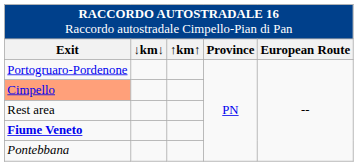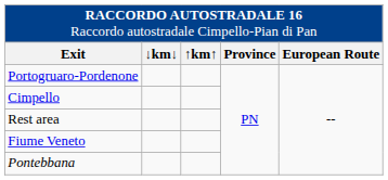 <table class="wikitable" border="1">
 <tr align="center" bgcolor="#00408B" style="color: white;font-size:100%;">
 <td colspan="6"><strong> RACCORDO AUTOSTRADALE 16</strong><br>Raccordo autostradale Cimpello-Pian di Pan</td>
 </tr>
 <tr>
 <th style="text-align:center;"><strong>Exit</strong></th>
 <th style="text-align:center;"><strong>↓km↓</strong></th>
 <th style="text-align:center;"><strong>↑km↑</strong></th>
 <th align="center"><strong>Province</strong></th>
 <th align="center"><strong>European Route</strong></th>
 </tr>
 <tr>
 <td>   <a href='#'>Portogruaro-Pordenone</a></td>
 <td></td>
 <td></td>
 <td rowspan="6" align="center"><a href='#'>PN</a></td>
 <td rowspan="6" align="center">--</td>
 </tr>
 <tr>
-<td style="background: lightsalmon;"> <a href='#'>Cimpello</a></td>
+<td> <a href='#'>Cimpello</a></td>
 <td></td>
 <td></td>
 </tr>
 <tr>
 <td> Rest area</td>
 <td></td>
 <td></td>
 </tr>
 <tr>
-<td><strong> <a href='#'>Fiume Veneto</a></strong></td>
+<td> <a href='#'>Fiume Veneto</a></td>
 <td></td>
 <td></td>
 </tr>
 <tr>
 <td>   <em>Pontebbana</em></td>
 <td></td>
 <td></td>
 </tr>
 </table>
